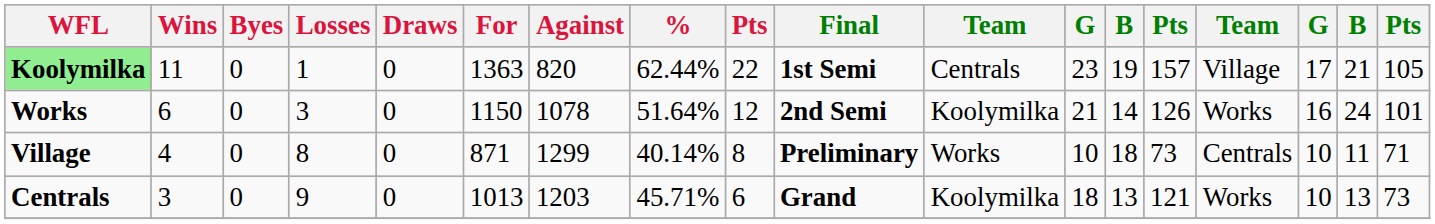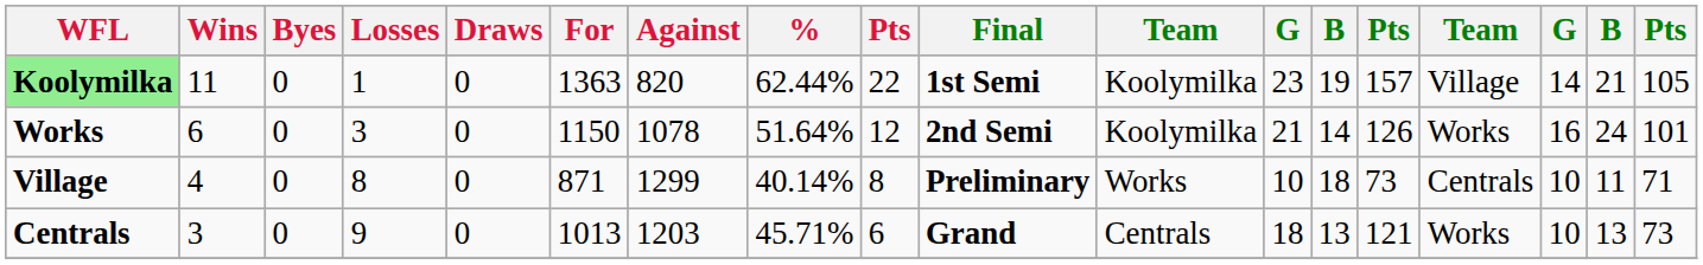 <table class="wikitable">
 <tr>
 <th style="color:crimson">WFL</th>
 <th style="color:crimson">Wins</th>
 <th style="color:crimson">Byes</th>
 <th style="color:crimson">Losses</th>
 <th style="color:crimson">Draws</th>
 <th style="color:crimson">For</th>
 <th style="color:crimson">Against</th>
 <th style="color:crimson">%</th>
 <th style="color:crimson">Pts</th>
 <th style="color:green">Final</th>
 <th style="color:green">Team</th>
 <th style="color:green">G</th>
 <th style="color:green">B</th>
 <th style="color:green">Pts</th>
 <th style="color:green">Team</th>
 <th style="color:green">G</th>
 <th style="color:green">B</th>
 <th style="color:green">Pts</th>
 </tr>
 <tr>
 <td style="background: lightgreen;"><strong>	Koolymilka	</strong></td>
 <td>11</td>
 <td>0</td>
 <td>1</td>
 <td>0</td>
 <td>1363</td>
 <td>820</td>
 <td>62.44%</td>
 <td>22</td>
 <td><strong>1st Semi</strong></td>
-<td>Centrals</td>
+<td>Koolymilka</td>
 <td>23</td>
 <td>19</td>
 <td>157</td>
 <td>Village</td>
-<td>17</td>
+<td>14</td>
 <td>21</td>
 <td>105</td>
 </tr>
 <tr>
 <td><strong>	Works	</strong></td>
 <td>6</td>
 <td>0</td>
 <td>3</td>
 <td>0</td>
 <td>1150</td>
 <td>1078</td>
 <td>51.64%</td>
 <td>12</td>
 <td><strong>2nd Semi</strong></td>
 <td>Koolymilka</td>
 <td>21</td>
 <td>14</td>
 <td>126</td>
 <td>Works</td>
 <td>16</td>
 <td>24</td>
 <td>101</td>
 </tr>
 <tr>
 <td><strong>	Village	</strong></td>
 <td>4</td>
 <td>0</td>
 <td>8</td>
 <td>0</td>
 <td>871</td>
 <td>1299</td>
 <td>40.14%</td>
 <td>8</td>
 <td><strong>Preliminary</strong></td>
 <td>Works</td>
 <td>10</td>
 <td>18</td>
 <td>73</td>
 <td>Centrals</td>
 <td>10</td>
 <td>11</td>
 <td>71</td>
 </tr>
 <tr>
 <td><strong>	Centrals	</strong></td>
 <td>3</td>
 <td>0</td>
 <td>9</td>
 <td>0</td>
 <td>1013</td>
 <td>1203</td>
 <td>45.71%</td>
 <td>6</td>
 <td><strong>Grand</strong></td>
-<td>Koolymilka</td>
+<td>Centrals</td>
 <td>18</td>
 <td>13</td>
 <td>121</td>
 <td>Works</td>
 <td>10</td>
 <td>13</td>
 <td>73</td>
 </tr>
 <tr>
 </tr>
 </table>
